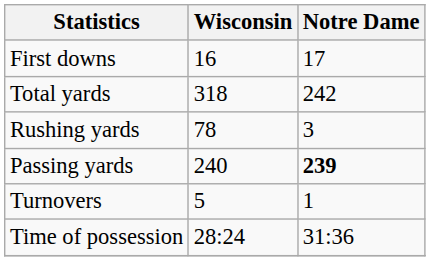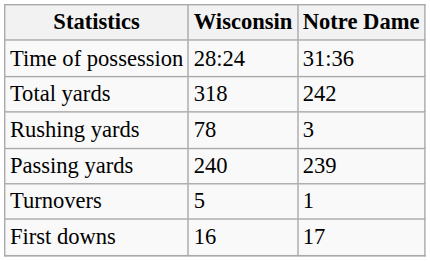 <table class="wikitable">
 <tr>
 <th>Statistics</th>
 <th>Wisconsin</th>
 <th>Notre Dame</th>
 </tr>
 <tr>
-<td>First downs</td>
-<td>16</td>
-<td>17</td>
+<td>Time of possession</td>
+<td>28:24</td>
+<td>31:36</td>
 </tr>
 <tr>
 <td>Total yards</td>
 <td>318</td>
 <td>242</td>
 </tr>
 <tr>
 <td>Rushing yards</td>
 <td>78</td>
 <td>3</td>
 </tr>
 <tr>
 <td>Passing yards</td>
 <td>240</td>
-<td><strong>239</strong></td>
+<td>239</td>
 </tr>
 <tr>
 <td>Turnovers</td>
 <td>5</td>
 <td>1</td>
 </tr>
 <tr>
-<td>Time of possession</td>
-<td>28:24</td>
-<td>31:36</td>
+<td>First downs</td>
+<td>16</td>
+<td>17</td>
 </tr>
 <tr>
 </tr>
 </table>
